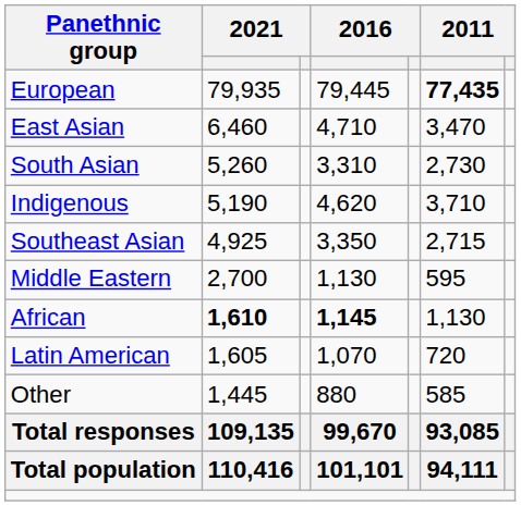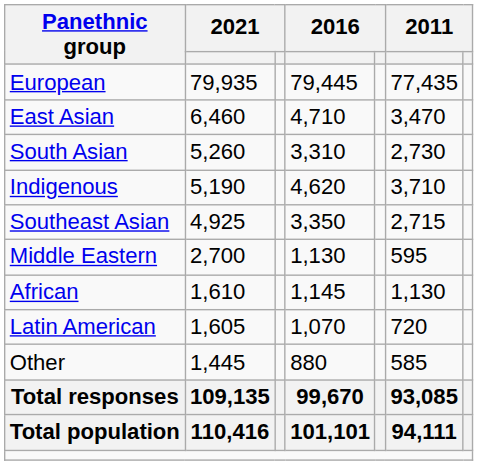 <table class="wikitable collapsible sortable">
 <tr>
 <th rowspan="2"><a href='#'>Panethnic</a><br>group</th>
 <th colspan="2">2021</th>
 <th colspan="2">2016</th>
 <th colspan="2">2011</th>
 </tr>
 <tr>
 <th><a href='#'></a></th>
 <th></th>
 <th></th>
 <th></th>
 <th></th>
 <th></th>
 </tr>
 <tr>
 <td><a href='#'>European</a></td>
 <td>79,935</td>
 <td></td>
 <td>79,445</td>
 <td></td>
-<td><strong>77,435</strong></td>
+<td>77,435</td>
 <td></td>
 </tr>
 <tr>
 <td><a href='#'>East Asian</a></td>
 <td>6,460</td>
 <td></td>
 <td>4,710</td>
 <td></td>
 <td>3,470</td>
 <td></td>
 </tr>
 <tr>
 <td><a href='#'>South Asian</a></td>
 <td>5,260</td>
 <td></td>
 <td>3,310</td>
 <td></td>
 <td>2,730</td>
 <td></td>
 </tr>
 <tr>
 <td><a href='#'>Indigenous</a></td>
 <td>5,190</td>
 <td></td>
 <td>4,620</td>
 <td></td>
 <td>3,710</td>
 <td></td>
 </tr>
 <tr>
 <td><a href='#'>Southeast Asian</a></td>
 <td>4,925</td>
 <td></td>
 <td>3,350</td>
 <td></td>
 <td>2,715</td>
 <td></td>
 </tr>
 <tr>
 <td><a href='#'>Middle Eastern</a></td>
 <td>2,700</td>
 <td></td>
 <td>1,130</td>
 <td></td>
 <td>595</td>
 <td></td>
 </tr>
 <tr>
 <td><a href='#'>African</a></td>
-<td><strong>1,610</strong></td>
+<td>1,610</td>
 <td></td>
-<td><strong>1,145</strong></td>
+<td>1,145</td>
 <td></td>
 <td>1,130</td>
 <td></td>
 </tr>
 <tr>
 <td><a href='#'>Latin American</a></td>
 <td>1,605</td>
 <td></td>
 <td>1,070</td>
 <td></td>
 <td>720</td>
 <td></td>
 </tr>
 <tr>
 <td>Other</td>
 <td>1,445</td>
 <td></td>
 <td>880</td>
 <td></td>
 <td>585</td>
 <td></td>
 </tr>
 <tr>
 <th>Total responses</th>
 <th>109,135</th>
 <th></th>
 <th>99,670</th>
 <th></th>
 <th>93,085</th>
 <th></th>
 </tr>
 <tr>
 <th>Total population</th>
 <th>110,416</th>
 <th></th>
 <th>101,101</th>
 <th></th>
 <th>94,111</th>
 <th></th>
 </tr>
 <tr class="sortbottom">
 <td colspan="15"></td>
 </tr>
 </table>
